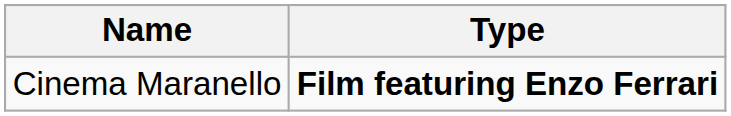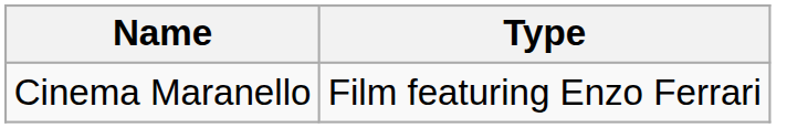 <table class="wikitable">
 <tr>
 <th>Name</th>
 <th>Type</th>
 </tr>
 <tr>
 <td>Cinema Maranello</td>
-<td><strong>Film featuring Enzo Ferrari</strong></td>
+<td>Film featuring Enzo Ferrari</td>
 </tr>
 </table>
